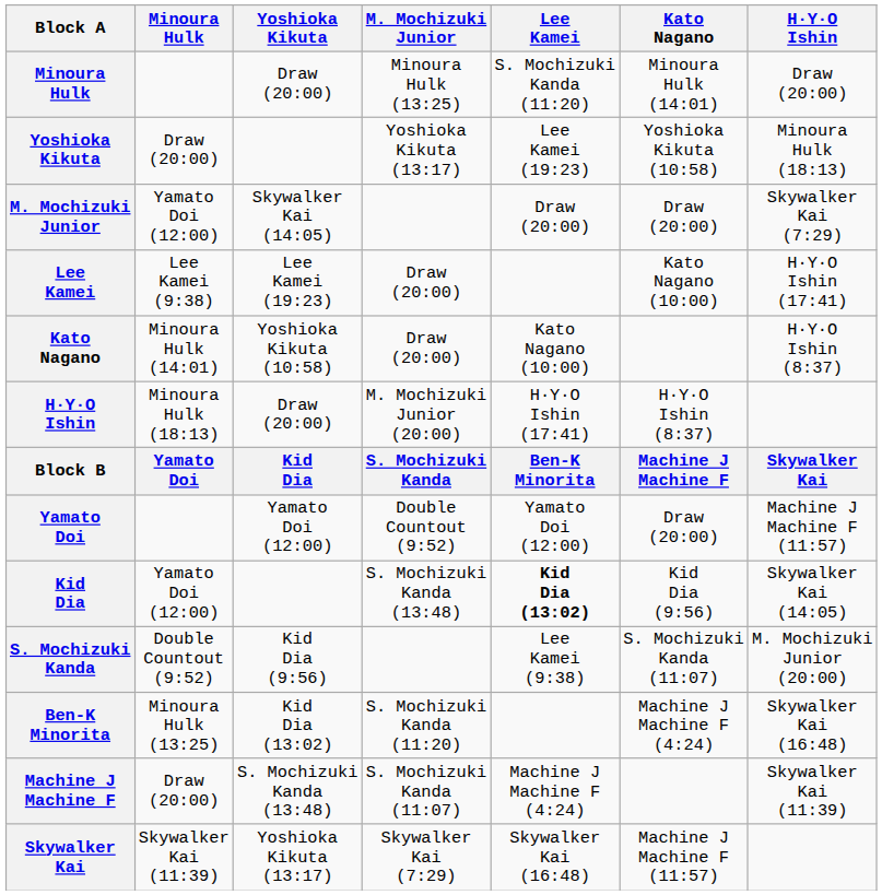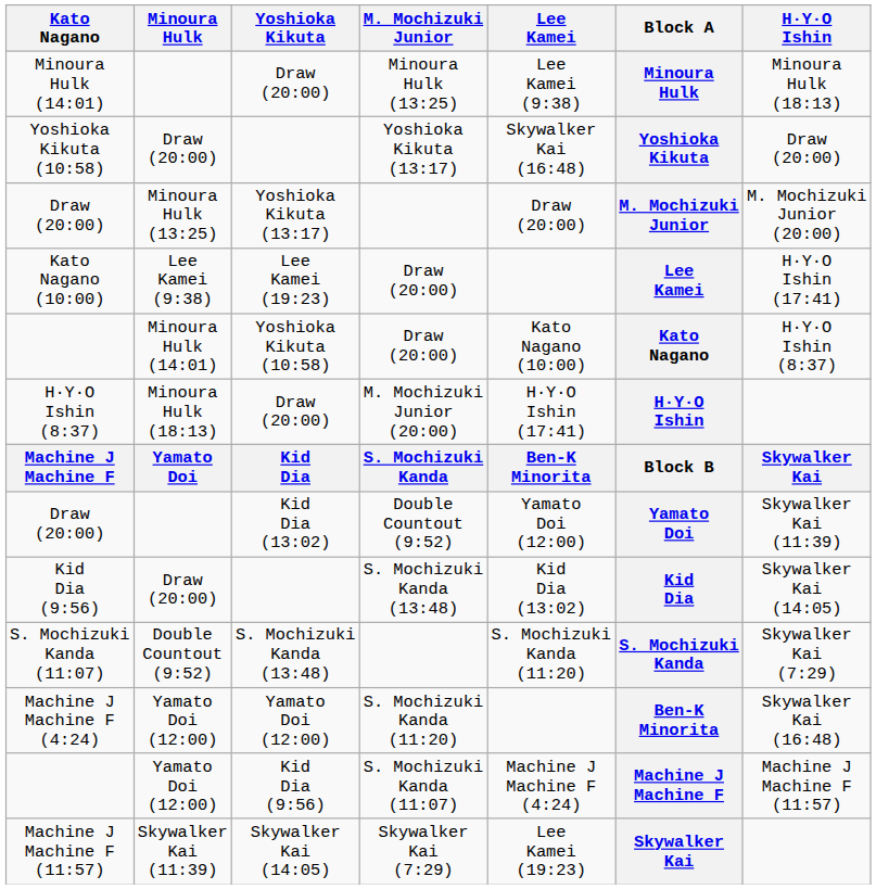 <table class="wikitable" style="margin: 1em auto 1em auto;text-align:center">
 <tr>
-<th>Block A</th>
+<th><a href='#'>Kato</a><br>Nagano</th>
 <th><a href='#'>Minoura</a><br><a href='#'>Hulk</a></th>
 <th><a href='#'>Yoshioka</a><br><a href='#'>Kikuta</a></th>
 <th><a href='#'>M. Mochizuki</a><br><a href='#'>Junior</a></th>
 <th><a href='#'>Lee</a><br><a href='#'>Kamei</a></th>
-<th><a href='#'>Kato</a><br>Nagano</th>
+<th>Block A</th>
 <th><a href='#'>H·Y·O</a><br><a href='#'>Ishin</a></th>
 </tr>
 <tr>
-<th><a href='#'>Minoura</a><br><a href='#'>Hulk</a></th>
+<td>Minoura<br>Hulk<br>(14:01)</td>
 <td></td>
 <td>Draw<br>(20:00)</td>
 <td>Minoura<br>Hulk<br>(13:25)</td>
-<td>S. Mochizuki<br>Kanda<br>(11:20)</td>
-<td>Minoura<br>Hulk<br>(14:01)</td>
+<td>Lee<br>Kamei<br>(9:38)</td>
+<th><a href='#'>Minoura</a><br><a href='#'>Hulk</a></th>
+<td>Minoura<br>Hulk<br>(18:13)</td>
+</tr>
+<tr>
+<td>Yoshioka<br>Kikuta<br>(10:58)</td>
+<td>Draw<br>(20:00)</td>
+<td></td>
+<td>Yoshioka<br>Kikuta<br>(13:17)</td>
+<td>Skywalker<br>Kai<br>(16:48)</td>
+<th><a href='#'>Yoshioka</a><br><a href='#'>Kikuta</a></th>
 <td>Draw<br>(20:00)</td>
 </tr>
 <tr>
-<th><a href='#'>Yoshioka</a><br><a href='#'>Kikuta</a></th>
 <td>Draw<br>(20:00)</td>
+<td>Minoura<br>Hulk<br>(13:25)</td>
+<td>Yoshioka<br>Kikuta<br>(13:17)</td>
 <td></td>
-<td>Yoshioka<br>Kikuta<br>(13:17)</td>
-<td>Lee<br>Kamei<br>(19:23)</td>
-<td>Yoshioka<br>Kikuta<br>(10:58)</td>
-<td>Minoura<br>Hulk<br>(18:13)</td>
+<td>Draw<br>(20:00)</td>
+<th><a href='#'>M. Mochizuki</a><br><a href='#'>Junior</a></th>
+<td>M. Mochizuki<br>Junior<br>(20:00)</td>
 </tr>
 <tr>
-<th><a href='#'>M. Mochizuki</a><br><a href='#'>Junior</a></th>
-<td>Yamato<br>Doi<br>(12:00)</td>
-<td>Skywalker<br>Kai<br>(14:05)</td>
-<td></td>
-<td>Draw<br>(20:00)</td>
-<td>Draw<br>(20:00)</td>
-<td>Skywalker<br>Kai<br>(7:29)</td>
-</tr>
-<tr>
-<th><a href='#'>Lee</a><br><a href='#'>Kamei</a></th>
+<td>Kato<br>Nagano<br>(10:00)</td>
 <td>Lee<br>Kamei<br>(9:38)</td>
 <td>Lee<br>Kamei<br>(19:23)</td>
 <td>Draw<br>(20:00)</td>
 <td></td>
-<td>Kato<br>Nagano<br>(10:00)</td>
+<th><a href='#'>Lee</a><br><a href='#'>Kamei</a></th>
 <td>H·Y·O<br>Ishin<br>(17:41)</td>
 </tr>
 <tr>
-<th><a href='#'>Kato</a><br>Nagano</th>
+<td></td>
 <td>Minoura<br>Hulk<br>(14:01)</td>
 <td>Yoshioka<br>Kikuta<br>(10:58)</td>
 <td>Draw<br>(20:00)</td>
 <td>Kato<br>Nagano<br>(10:00)</td>
-<td></td>
+<th><a href='#'>Kato</a><br>Nagano</th>
 <td>H·Y·O<br>Ishin<br>(8:37)</td>
 </tr>
 <tr>
-<th><a href='#'>H·Y·O</a><br><a href='#'>Ishin</a></th>
+<td>H·Y·O<br>Ishin<br>(8:37)</td>
 <td>Minoura<br>Hulk<br>(18:13)</td>
 <td>Draw<br>(20:00)</td>
 <td>M. Mochizuki<br>Junior<br>(20:00)</td>
 <td>H·Y·O<br>Ishin<br>(17:41)</td>
-<td>H·Y·O<br>Ishin<br>(8:37)</td>
+<th><a href='#'>H·Y·O</a><br><a href='#'>Ishin</a></th>
 <td></td>
 </tr>
 <tr>
-<th>Block B</th>
+<th><a href='#'>Machine J</a><br><a href='#'>Machine F</a></th>
 <th><a href='#'>Yamato</a><br><a href='#'>Doi</a></th>
 <th><a href='#'>Kid</a><br><a href='#'>Dia</a></th>
 <th><a href='#'>S. Mochizuki</a><br><a href='#'>Kanda</a></th>
 <th><a href='#'>Ben-K</a><br><a href='#'>Minorita</a></th>
-<th><a href='#'>Machine J</a><br><a href='#'>Machine F</a></th>
+<th>Block B</th>
 <th><a href='#'>Skywalker</a><br><a href='#'>Kai</a></th>
 </tr>
 <tr>
+<td>Draw<br>(20:00)</td>
+<td></td>
+<td>Kid<br>Dia<br>(13:02)</td>
+<td>Double<br>Countout<br>(9:52)</td>
+<td>Yamato<br>Doi<br>(12:00)</td>
 <th><a href='#'>Yamato</a><br><a href='#'>Doi</a></th>
+<td>Skywalker<br>Kai<br>(11:39)</td>
+</tr>
+<tr>
+<td>Kid<br>Dia<br>(9:56)</td>
+<td>Draw<br>(20:00)</td>
+<td></td>
+<td>S. Mochizuki<br>Kanda<br>(13:48)</td>
+<td>Kid<br>Dia<br>(13:02)</td>
+<th><a href='#'>Kid</a><br><a href='#'>Dia</a></th>
+<td>Skywalker<br>Kai<br>(14:05)</td>
+</tr>
+<tr>
+<td>S. Mochizuki<br>Kanda<br>(11:07)</td>
+<td>Double<br>Countout<br>(9:52)</td>
+<td>S. Mochizuki<br>Kanda<br>(13:48)</td>
+<td></td>
+<td>S. Mochizuki<br>Kanda<br>(11:20)</td>
+<th><a href='#'>S. Mochizuki</a><br><a href='#'>Kanda</a></th>
+<td>Skywalker<br>Kai<br>(7:29)</td>
+</tr>
+<tr>
+<td>Machine J<br>Machine F<br>(4:24)</td>
+<td>Yamato<br>Doi<br>(12:00)</td>
+<td>Yamato<br>Doi<br>(12:00)</td>
+<td>S. Mochizuki<br>Kanda<br>(11:20)</td>
+<td></td>
+<th><a href='#'>Ben-K</a><br><a href='#'>Minorita</a></th>
+<td>Skywalker<br>Kai<br>(16:48)</td>
+</tr>
+<tr>
 <td></td>
 <td>Yamato<br>Doi<br>(12:00)</td>
-<td>Double<br>Countout<br>(9:52)</td>
-<td>Yamato<br>Doi<br>(12:00)</td>
-<td>Draw<br>(20:00)</td>
+<td>Kid<br>Dia<br>(9:56)</td>
+<td>S. Mochizuki<br>Kanda<br>(11:07)</td>
+<td>Machine J<br>Machine F<br>(4:24)</td>
+<th><a href='#'>Machine J</a><br><a href='#'>Machine F</a></th>
 <td>Machine J<br>Machine F<br>(11:57)</td>
 </tr>
 <tr>
-<th><a href='#'>Kid</a><br><a href='#'>Dia</a></th>
-<td>Yamato<br>Doi<br>(12:00)</td>
-<td></td>
-<td>S. Mochizuki<br>Kanda<br>(13:48)</td>
-<td><strong>Kid<br>Dia<br>(13:02)</strong></td>
-<td>Kid<br>Dia<br>(9:56)</td>
+<td>Machine J<br>Machine F<br>(11:57)</td>
+<td>Skywalker<br>Kai<br>(11:39)</td>
 <td>Skywalker<br>Kai<br>(14:05)</td>
-</tr>
-<tr>
-<th><a href='#'>S. Mochizuki</a><br><a href='#'>Kanda</a></th>
-<td>Double<br>Countout<br>(9:52)</td>
-<td>Kid<br>Dia<br>(9:56)</td>
-<td></td>
-<td>Lee<br>Kamei<br>(9:38)</td>
-<td>S. Mochizuki<br>Kanda<br>(11:07)</td>
-<td>M. Mochizuki<br>Junior<br>(20:00)</td>
-</tr>
-<tr>
-<th><a href='#'>Ben-K</a><br><a href='#'>Minorita</a></th>
-<td>Minoura<br>Hulk<br>(13:25)</td>
-<td>Kid<br>Dia<br>(13:02)</td>
-<td>S. Mochizuki<br>Kanda<br>(11:20)</td>
-<td></td>
-<td>Machine J<br>Machine F<br>(4:24)</td>
-<td>Skywalker<br>Kai<br>(16:48)</td>
-</tr>
-<tr>
-<th><a href='#'>Machine J</a><br><a href='#'>Machine F</a></th>
-<td>Draw<br>(20:00)</td>
-<td>S. Mochizuki<br>Kanda<br>(13:48)</td>
-<td>S. Mochizuki<br>Kanda<br>(11:07)</td>
-<td>Machine J<br>Machine F<br>(4:24)</td>
-<td></td>
-<td>Skywalker<br>Kai<br>(11:39)</td>
-</tr>
-<tr>
+<td>Skywalker<br>Kai<br>(7:29)</td>
+<td>Lee<br>Kamei<br>(19:23)</td>
 <th><a href='#'>Skywalker</a><br><a href='#'>Kai</a></th>
-<td>Skywalker<br>Kai<br>(11:39)</td>
-<td>Yoshioka<br>Kikuta<br>(13:17)</td>
-<td>Skywalker<br>Kai<br>(7:29)</td>
-<td>Skywalker<br>Kai<br>(16:48)</td>
-<td>Machine J<br>Machine F<br>(11:57)</td>
 <td></td>
 </tr>
 </table>
